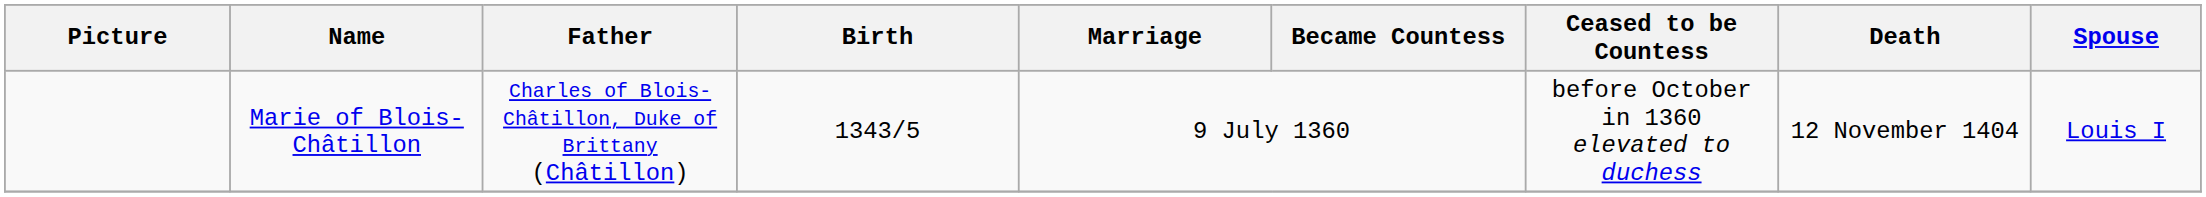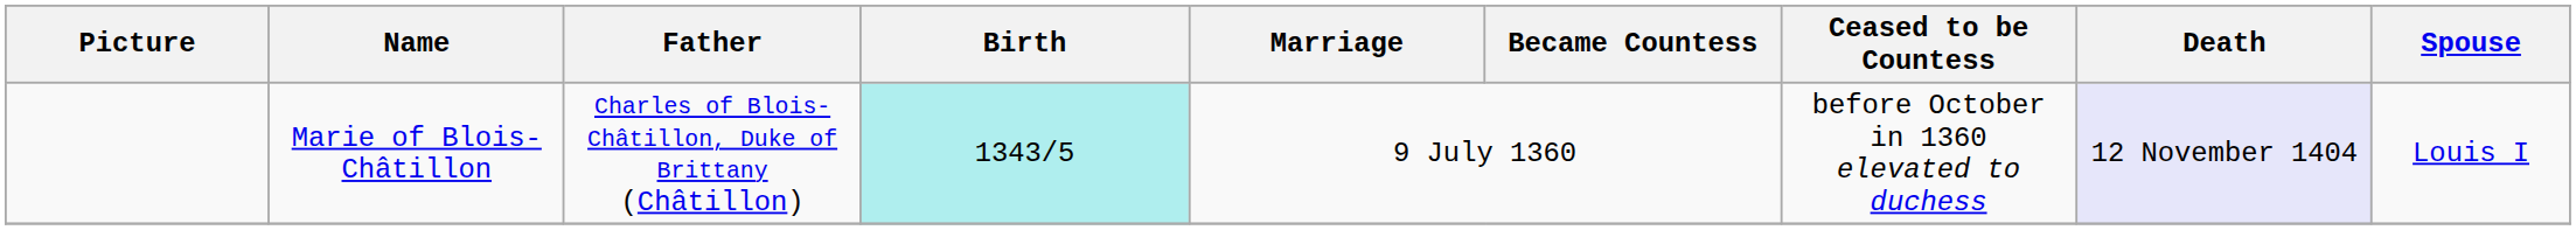 <table width=95% class="wikitable">
 <tr>
 <th width = "8%">Picture</th>
 <th width = "9%">Name</th>
 <th width = "9%">Father</th>
 <th width = "10%">Birth</th>
 <th width = "9%">Marriage</th>
 <th width = "9%">Became Countess</th>
 <th width = "9%">Ceased to be Countess</th>
 <th width = "9%">Death</th>
 <th width = "6%"><a href='#'>Spouse</a></th>
 </tr>
 <tr>
 <td align="center"></td>
 <td align="center"><a href='#'>Marie of Blois-Châtillon</a></td>
 <td align=center><small><a href='#'>Charles of Blois-Châtillon, Duke of Brittany</a></small> <br>(<a href='#'>Châtillon</a>)</td>
-<td align="center">1343/5</td>
+<td align="center" style="background: paleturquoise;">1343/5</td>
 <td align="center" colspan="2">9 July 1360</td>
 <td align="center">before October in 1360<br><em>elevated to <a href='#'>duchess</a></em></td>
-<td align="center">12 November 1404</td>
+<td align="center" style="background: lavender;">12 November 1404</td>
 <td align="center"><a href='#'>Louis I</a></td>
 </tr>
 <tr>
 </tr>
 </table>
